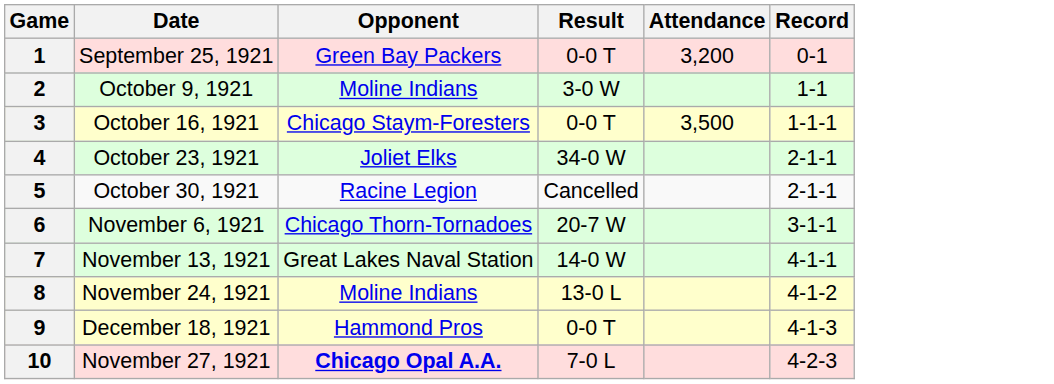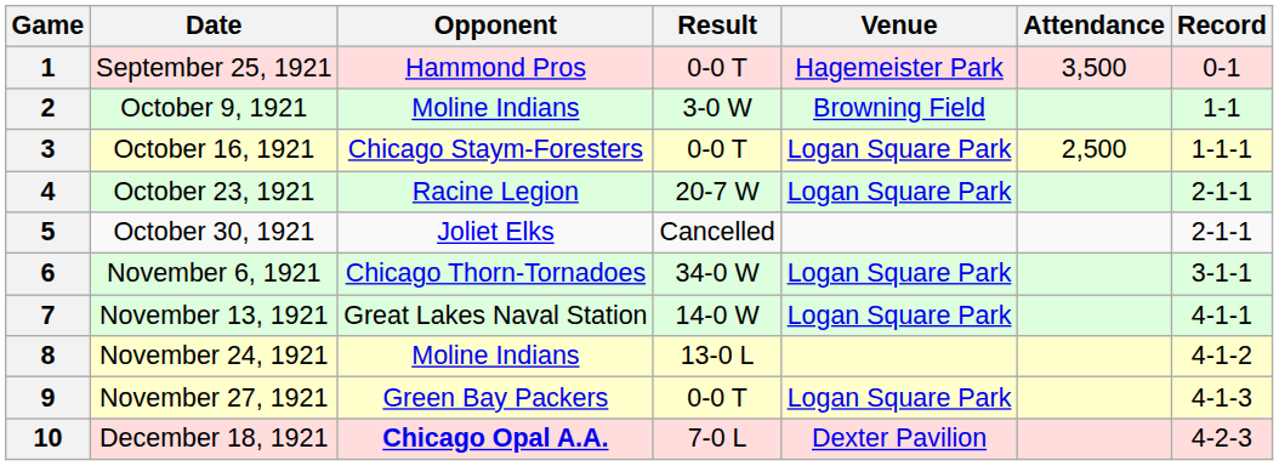 <table class="wikitable" style="text-align:center">
 <tr>
 <th>Game</th>
 <th>Date</th>
 <th>Opponent</th>
 <th>Result</th>
+<th>Venue</th>
 <th>Attendance</th>
 <th>Record</th>
 </tr>
 <tr style="background: #ffdddd;">
 <th scope="row">1</th>
 <td>September 25, 1921</td>
-<td><a href='#'>Green Bay Packers</a></td>
+<td><a href='#'>Hammond Pros</a></td>
 <td>0-0 T</td>
-<td>3,200</td>
+<td><a href='#'>Hagemeister Park</a></td>
+<td>3,500</td>
 <td>0-1</td>
 </tr>
 <tr style="background:#dfd;">
 <th scope="row">2</th>
 <td>October 9, 1921</td>
 <td><a href='#'>Moline Indians</a></td>
 <td>3-0 W</td>
+<td><a href='#'>Browning Field</a></td>
 <td></td>
 <td>1-1</td>
 </tr>
 <tr style="background:#ffffcc;">
 <th scope="row">3</th>
 <td>October 16, 1921</td>
 <td><a href='#'>Chicago Staym-Foresters</a></td>
 <td>0-0 T</td>
-<td>3,500</td>
+<td><a href='#'>Logan Square Park</a></td>
+<td>2,500</td>
 <td>1-1-1</td>
 </tr>
 <tr style="background:#dfd;">
 <th scope="row">4</th>
 <td>October 23, 1921</td>
-<td><a href='#'>Joliet Elks</a></td>
-<td>34-0 W</td>
+<td><a href='#'>Racine Legion</a></td>
+<td>20-7 W</td>
+<td><a href='#'>Logan Square Park</a></td>
 <td></td>
 <td>2-1-1</td>
 </tr>
 <tr style="background:">
 <th scope="row">5</th>
 <td>October 30, 1921</td>
-<td><a href='#'>Racine Legion</a></td>
+<td><a href='#'>Joliet Elks</a></td>
 <td>Cancelled</td>
+<td></td>
 <td></td>
 <td>2-1-1</td>
 </tr>
 <tr style="background:#dfd;">
 <th scope="row">6</th>
 <td>November 6, 1921</td>
 <td><a href='#'>Chicago Thorn-Tornadoes</a></td>
-<td>20-7 W</td>
+<td>34-0 W</td>
+<td><a href='#'>Logan Square Park</a></td>
 <td></td>
 <td>3-1-1</td>
 </tr>
 <tr style="background:#dfd;">
 <th scope="row">7</th>
 <td>November 13, 1921</td>
 <td>Great Lakes Naval Station</td>
 <td>14-0 W</td>
+<td><a href='#'>Logan Square Park</a></td>
 <td></td>
 <td>4-1-1</td>
 </tr>
 <tr style="background:#ffffcc;">
 <th scope="row">8</th>
 <td>November 24, 1921</td>
 <td><a href='#'>Moline Indians</a></td>
 <td>13-0 L</td>
 <td></td>
+<td></td>
 <td>4-1-2</td>
 </tr>
 <tr style="background:#ffffcc;">
 <th scope="row">9</th>
-<td>December 18, 1921</td>
-<td><a href='#'>Hammond Pros</a></td>
+<td>November 27, 1921</td>
+<td><a href='#'>Green Bay Packers</a></td>
 <td>0-0 T</td>
+<td><a href='#'>Logan Square Park</a></td>
 <td></td>
 <td>4-1-3</td>
 </tr>
 <tr style="background: #ffdddd;">
 <th scope="row">10</th>
-<td>November 27, 1921</td>
+<td>December 18, 1921</td>
 <td><strong><a href='#'>Chicago Opal A.A.</a></strong></td>
 <td>7-0 L</td>
+<td><a href='#'>Dexter Pavilion</a></td>
 <td></td>
 <td>4-2-3</td>
 </tr>
 </table>
